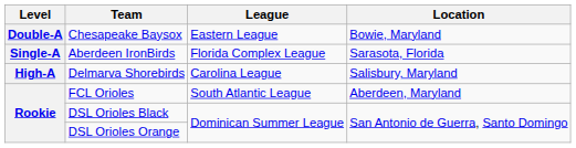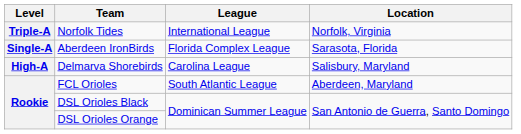 <table class="wikitable plainrowheaders">
 <tr>
 <th scope="col" style="text-align:center; ">Level</th>
 <th scope="col" style="text-align:center; ">Team</th>
 <th scope="col" style="text-align:center; ">League</th>
 <th scope="col" style="text-align:center; ">Location</th>
 </tr>
 <tr>
-<th scope="row"><a href='#'>Double-A</a></th>
-<td><a href='#'>Chesapeake Baysox</a></td>
-<td><a href='#'>Eastern League</a></td>
-<td><a href='#'>Bowie, Maryland</a></td>
+<th scope="row"><a href='#'>Triple-A</a></th>
+<td><a href='#'>Norfolk Tides</a></td>
+<td><a href='#'>International League</a></td>
+<td><a href='#'>Norfolk, Virginia</a></td>
 </tr>
 <tr>
 <th scope="row"><a href='#'>Single-A</a></th>
 <td><a href='#'>Aberdeen IronBirds</a></td>
 <td><a href='#'>Florida Complex League</a></td>
 <td><a href='#'>Sarasota, Florida</a></td>
 </tr>
 <tr>
 <th scope="row"><a href='#'>High-A</a></th>
 <td><a href='#'>Delmarva Shorebirds</a></td>
 <td><a href='#'>Carolina League</a></td>
 <td><a href='#'>Salisbury, Maryland</a></td>
 </tr>
 <tr>
 <th scope="row" rowspan=3><a href='#'>Rookie</a></th>
 <td><a href='#'>FCL Orioles</a></td>
 <td><a href='#'>South Atlantic League</a></td>
 <td><a href='#'>Aberdeen, Maryland</a></td>
 </tr>
 <tr>
 <td><a href='#'>DSL Orioles Black</a></td>
 <td rowspan=2><a href='#'>Dominican Summer League</a></td>
 <td rowspan=2><a href='#'>San Antonio de Guerra</a>, <a href='#'>Santo Domingo</a></td>
 </tr>
 <tr>
 <td><a href='#'>DSL Orioles Orange</a></td>
 </tr>
 </table>
